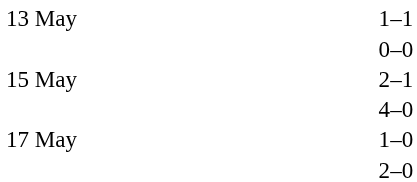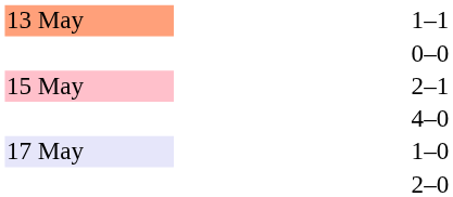 <table cellspacing=1 width=70%>
 <tr>
 <th width=25%></th>
 <th width=30%></th>
 <th width=15%></th>
 <th width=30%></th>
 </tr>
 <tr>
-<td>13 May</td>
+<td style="background: lightsalmon;">13 May</td>
 <td align=right></td>
 <td align=center>1–1</td>
 <td></td>
 </tr>
 <tr>
 <td></td>
 <td align=right></td>
 <td align=center>0–0</td>
 <td></td>
 </tr>
 <tr>
-<td>15 May</td>
+<td style="background: pink;">15 May</td>
 <td align=right></td>
 <td align=center>2–1</td>
 <td></td>
 </tr>
 <tr>
 <td></td>
 <td align=right></td>
 <td align=center>4–0</td>
 <td></td>
 </tr>
 <tr>
-<td>17 May</td>
+<td style="background: lavender;">17 May</td>
 <td align=right></td>
 <td align=center>1–0</td>
 <td></td>
 </tr>
 <tr>
 <td></td>
 <td align=right></td>
 <td align=center>2–0</td>
 <td></td>
 </tr>
 </table>
